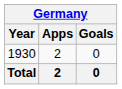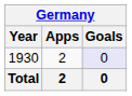 <table class="wikitable" style="text-align:center">
 <tr>
 <th colspan=3><a href='#'>Germany</a></th>
 </tr>
 <tr>
 <th>Year</th>
 <th>Apps</th>
 <th>Goals</th>
 </tr>
 <tr>
 <td>1930</td>
 <td>2</td>
-<td>0</td>
+<td style="background: lavender;">0</td>
 </tr>
 <tr>
 <th>Total</th>
 <th>2</th>
 <th>0</th>
 </tr>
 </table>
